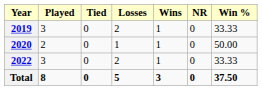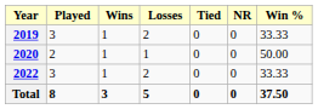 <table class="wikitable" style="width:25%;">
 <tr>
 <th style="background:#ffc;">Year</th>
 <th style="background:#ffc;">Played</th>
+<th style="background:#ffc;">Wins</th>
+<th style="background:#ffc;">Losses</th>
 <th style="background:#ffc;">Tied</th>
-<th style="background:#ffc;">Losses</th>
-<th style="background:#ffc;">Wins</th>
 <th style="background:#ffc;">NR</th>
 <th style="background:#ffc;">Win %</th>
 </tr>
 <tr>
 <th><a href='#'>2019</a></th>
 <td>3</td>
+<td>1</td>
+<td>2</td>
 <td>0</td>
-<td>2</td>
-<td>1</td>
 <td>0</td>
 <td>33.33</td>
 </tr>
 <tr>
 <th><a href='#'>2020</a></th>
 <td>2</td>
-<td>0</td>
 <td>1</td>
 <td>1</td>
+<td>0</td>
 <td>0</td>
 <td>50.00</td>
 </tr>
 <tr>
 <th><a href='#'>2022</a></th>
 <td>3</td>
+<td>1</td>
+<td>2</td>
 <td>0</td>
-<td>2</td>
-<td>1</td>
 <td>0</td>
 <td>33.33</td>
 </tr>
 <tr>
 <th>Total</th>
 <td><strong>8</strong></td>
+<td><strong>3</strong></td>
+<td><strong>5</strong></td>
 <td><strong>0</strong></td>
-<td><strong>5</strong></td>
-<td><strong>3</strong></td>
 <td><strong>0</strong></td>
 <td><strong>37.50</strong></td>
 </tr>
 </table>
